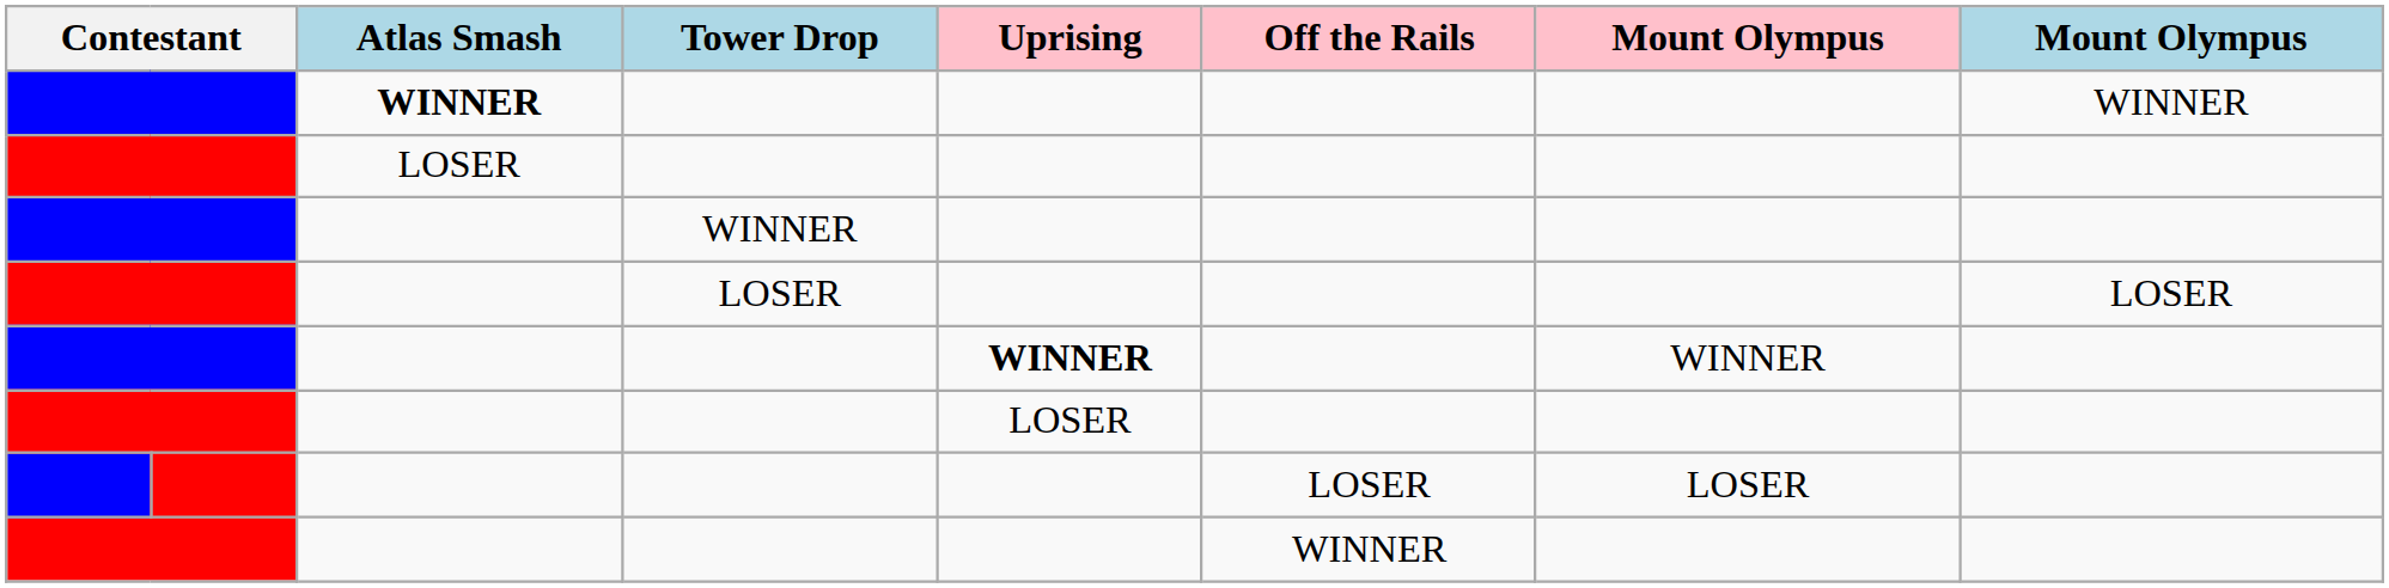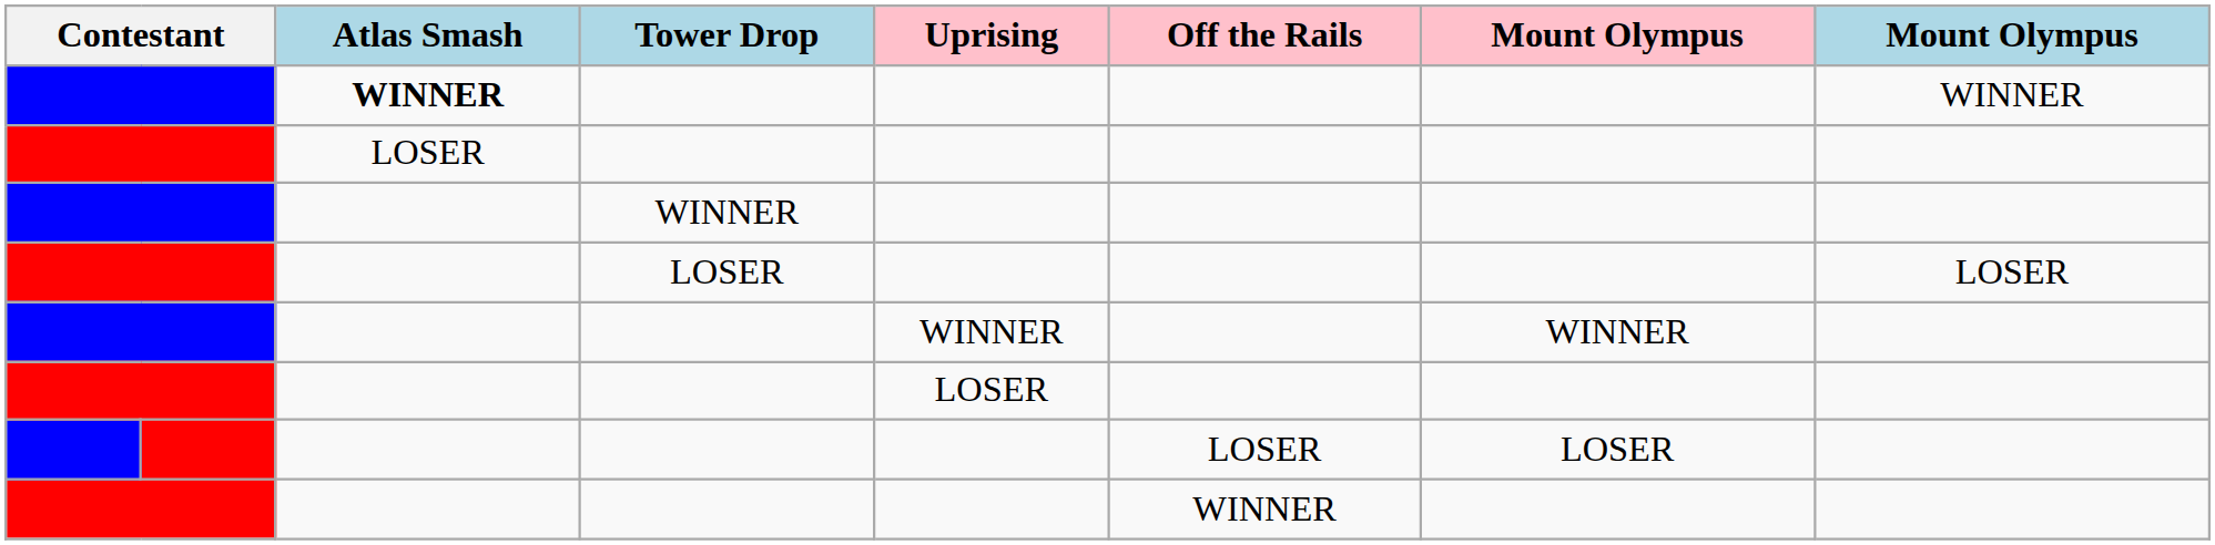 <table class="wikitable" style="text-align:center; font-size:90%; width:100%">
 <tr>
 <th colspan="2">Contestant</th>
 <th style="background:lightblue;">Atlas Smash</th>
 <th style="background:lightblue;">Tower Drop</th>
 <th style="background:pink;">Uprising</th>
 <th style="background:pink;">Off the Rails</th>
 <th style="background:pink;">Mount Olympus</th>
 <th style="background:lightblue;">Mount Olympus</th>
 </tr>
 <tr>
 <td style="background:blue;" colspan="2"></td>
 <td><strong>WINNER</strong></td>
 <td></td>
 <td></td>
 <td></td>
 <td></td>
 <td>WINNER</td>
 </tr>
 <tr>
 <td style="background:red;" colspan="2"></td>
 <td>LOSER</td>
 <td></td>
 <td></td>
 <td></td>
 <td></td>
 <td></td>
 </tr>
 <tr>
 <td style="background:blue;" colspan="2"></td>
 <td></td>
 <td>WINNER</td>
 <td></td>
 <td></td>
 <td></td>
 <td></td>
 </tr>
 <tr>
 <td style="background:red;" colspan="2"></td>
 <td></td>
 <td>LOSER</td>
 <td></td>
 <td></td>
 <td></td>
 <td>LOSER</td>
 </tr>
 <tr>
 <td style="background:blue;" colspan="2"></td>
 <td></td>
 <td></td>
-<td><strong>WINNER</strong></td>
+<td>WINNER</td>
 <td></td>
 <td>WINNER</td>
 <td></td>
 </tr>
 <tr>
 <td style="background:red;" colspan="2"></td>
 <td></td>
 <td></td>
 <td>LOSER</td>
 <td></td>
 <td></td>
 <td></td>
 </tr>
 <tr>
 <td style="background:blue;"></td>
 <td style="background:red;"></td>
 <td></td>
 <td></td>
 <td></td>
 <td>LOSER</td>
 <td>LOSER</td>
 <td></td>
 </tr>
 <tr>
 <td style="background:red;" colspan="2"></td>
 <td></td>
 <td></td>
 <td></td>
 <td>WINNER</td>
 <td></td>
 <td></td>
 </tr>
 </table>
